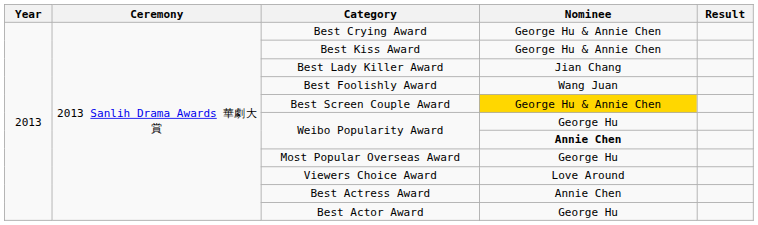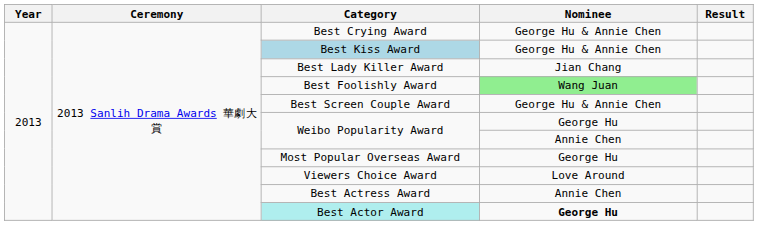 <table class="wikitable">
 <tr>
 <th style="width:50px;">Year</th>
 <th style="width:240px;">Ceremony</th>
 <th style="width:250px;">Category</th>
 <th style="width:250px;">Nominee</th>
 <th style="width:60px;">Result</th>
 </tr>
 <tr>
 <td align="center" rowspan=11>2013</td>
 <td align="center" rowspan=11>2013 <a href='#'>Sanlih Drama Awards</a> 華劇大賞</td>
 <td align="center">Best Crying Award</td>
 <td align="center">George Hu & Annie Chen</td>
 <td></td>
 </tr>
 <tr>
-<td align="center">Best Kiss Award</td>
+<td align="center" style="background: lightblue;">Best Kiss Award</td>
 <td align="center">George Hu & Annie Chen</td>
 <td></td>
 </tr>
 <tr>
 <td align="center">Best Lady Killer Award</td>
 <td align="center">Jian Chang</td>
 <td></td>
 </tr>
 <tr>
 <td align="center">Best Foolishly Award</td>
-<td align="center">Wang Juan</td>
+<td align="center" style="background: lightgreen;">Wang Juan</td>
 <td></td>
 </tr>
 <tr>
 <td align="center">Best Screen Couple Award</td>
-<td align="center" style="background: gold;">George Hu & Annie Chen</td>
+<td align="center">George Hu & Annie Chen</td>
 <td></td>
 </tr>
 <tr>
 <td rowspan=2 align="center">Weibo Popularity Award</td>
 <td align="center">George Hu</td>
 <td></td>
 </tr>
 <tr>
-<td align="center"><strong>Annie Chen</strong></td>
+<td align="center">Annie Chen</td>
 <td></td>
 </tr>
 <tr>
 <td align="center">Most Popular Overseas Award</td>
 <td align="center">George Hu</td>
 <td></td>
 </tr>
 <tr>
 <td align="center">Viewers Choice Award</td>
 <td align="center">Love Around</td>
 <td></td>
 </tr>
 <tr>
 <td align="center">Best Actress Award</td>
 <td align="center">Annie Chen</td>
 <td></td>
 </tr>
 <tr>
-<td align="center">Best Actor Award</td>
-<td align="center">George Hu</td>
+<td align="center" style="background: paleturquoise;">Best Actor Award</td>
+<td align="center"><strong>George Hu</strong></td>
 <td></td>
 </tr>
 </table>
